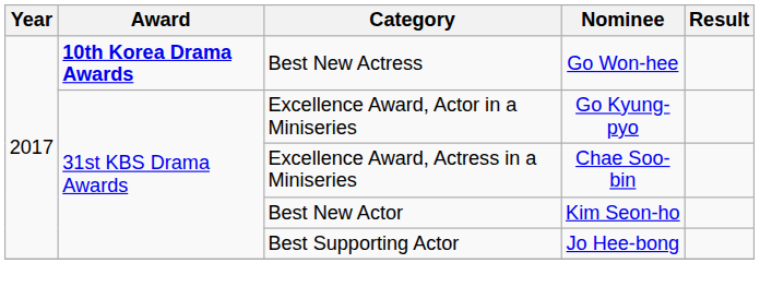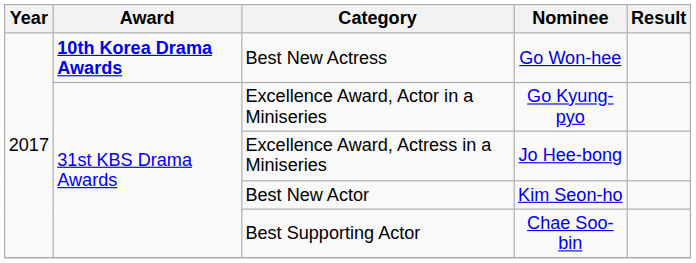 <table class="wikitable">
 <tr>
 <th>Year</th>
 <th>Award</th>
 <th>Category</th>
 <th>Nominee</th>
 <th>Result</th>
 </tr>
 <tr>
 <td rowspan="5" style="text-align:center;">2017</td>
 <td><strong><a href='#'>10th Korea Drama Awards</a></strong></td>
 <td>Best New Actress</td>
 <td style="text-align:center;"><a href='#'>Go Won-hee</a></td>
 <td></td>
 </tr>
 <tr>
 <td rowspan="4"><a href='#'>31st KBS Drama Awards</a></td>
 <td>Excellence Award, Actor in a Miniseries</td>
 <td style="text-align:center;"><a href='#'>Go Kyung-pyo</a></td>
 <td></td>
 </tr>
 <tr>
 <td>Excellence Award, Actress in a Miniseries</td>
-<td style="text-align:center;"><a href='#'>Chae Soo-bin</a></td>
+<td style="text-align:center;"><a href='#'>Jo Hee-bong</a></td>
 <td></td>
 </tr>
 <tr>
 <td>Best New Actor</td>
 <td style="text-align:center;"><a href='#'>Kim Seon-ho</a></td>
 <td></td>
 </tr>
 <tr>
 <td>Best Supporting Actor</td>
-<td style="text-align:center;"><a href='#'>Jo Hee-bong</a></td>
+<td style="text-align:center;"><a href='#'>Chae Soo-bin</a></td>
 <td></td>
 </tr>
 <tr>
 </tr>
 </table>
